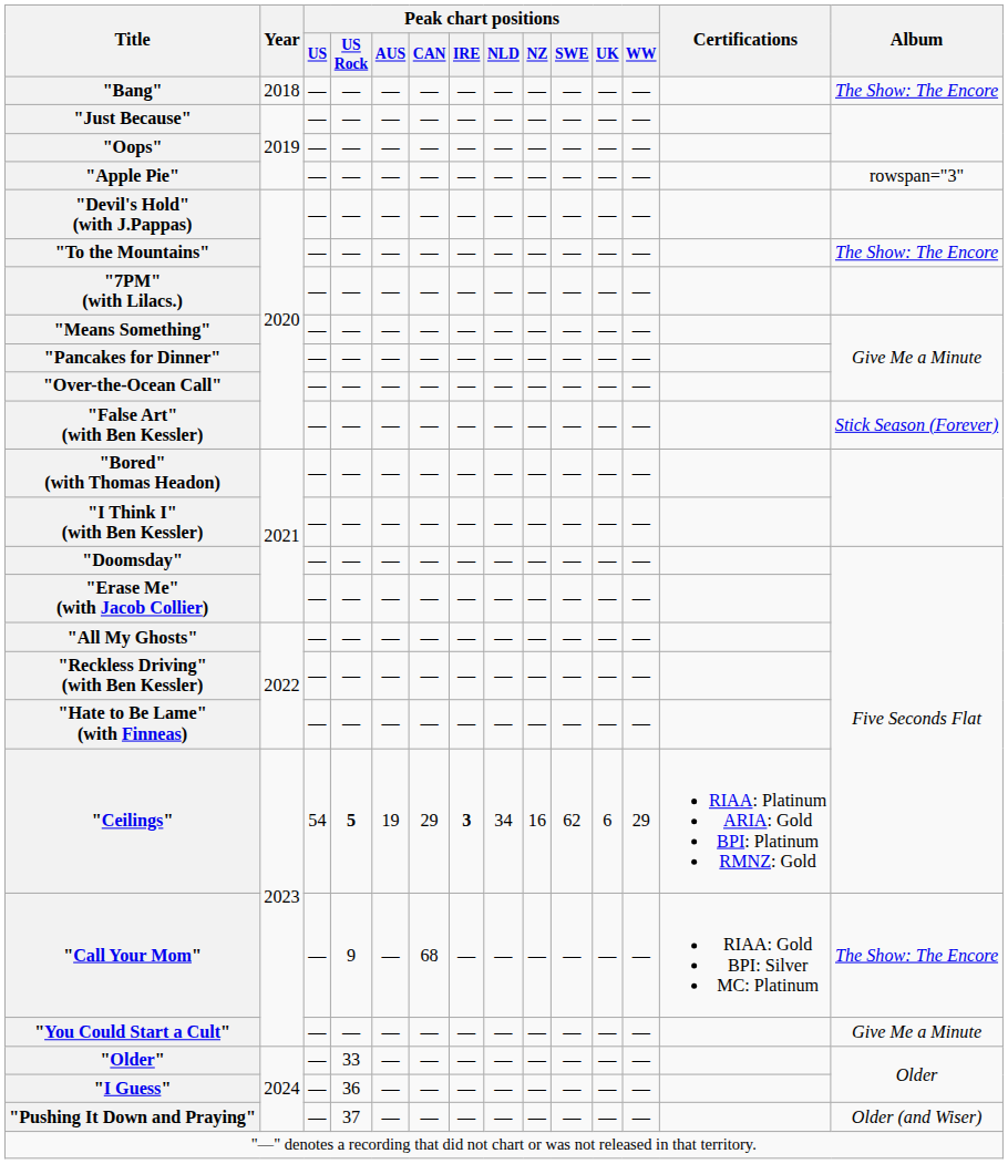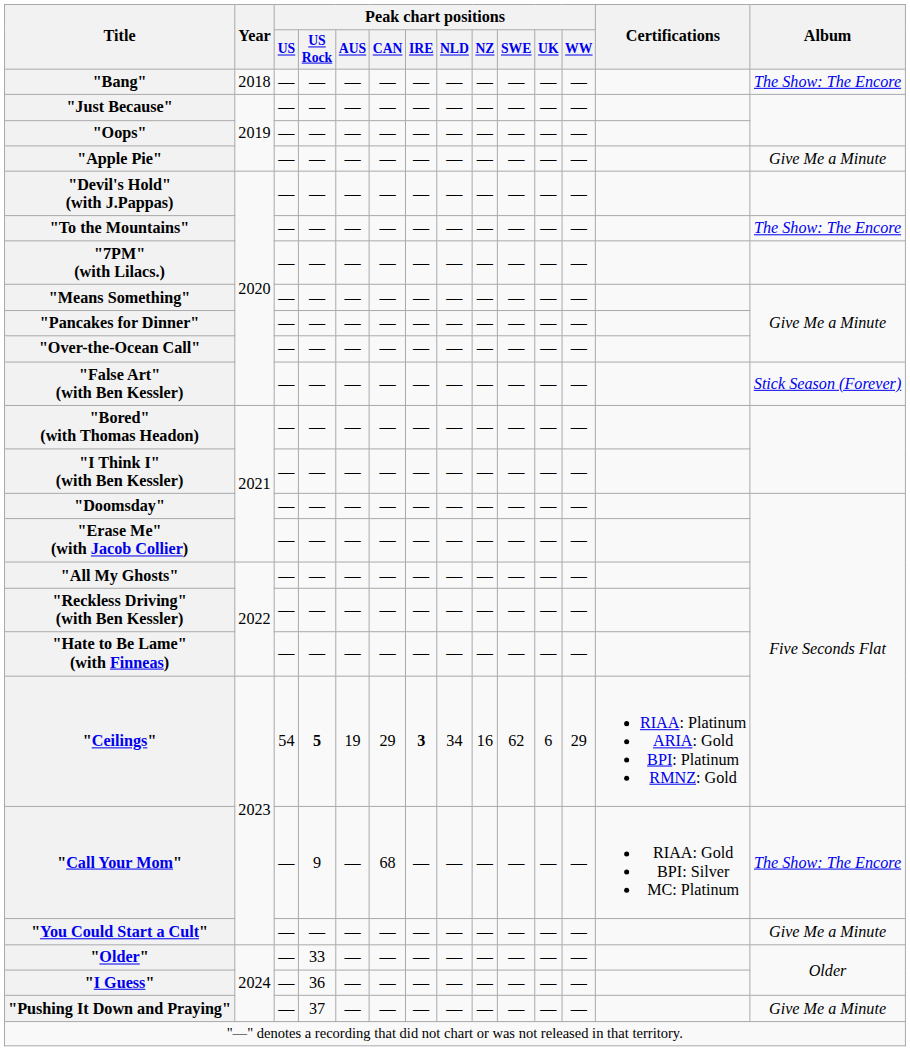 <table class="wikitable plainrowheaders" style="text-align:center;" border="1">
 <tr>
 <th scope="col" rowspan="2">Title</th>
 <th scope="col" rowspan="2">Year</th>
 <th scope="col" colspan="10">Peak chart positions</th>
 <th scope="col" rowspan="2">Certifications</th>
 <th scope="col" rowspan="2">Album</th>
 </tr>
 <tr>
 <th scope="col" style="font-size:85%;"><a href='#'>US</a><br></th>
 <th scope="col" style="font-size:85%;"><a href='#'>US<br>Rock</a><br></th>
 <th scope="col" style="font-size:85%;"><a href='#'>AUS</a><br></th>
 <th scope="col" style="font-size:85%;"><a href='#'>CAN</a><br></th>
 <th scope="col" style="font-size:85%;"><a href='#'>IRE</a><br></th>
 <th scope="col" style="font-size:85%;"><a href='#'>NLD</a><br></th>
 <th scope="col" style="font-size:85%;"><a href='#'>NZ</a><br></th>
 <th scope="col" style="font-size:85%;"><a href='#'>SWE</a><br></th>
 <th scope="col" style="font-size:85%;"><a href='#'>UK</a><br></th>
 <th scope="col" style="font-size:85%;"><a href='#'>WW</a><br></th>
 </tr>
 <tr>
 <th scope="row">"Bang"</th>
 <td>2018</td>
 <td>—</td>
 <td>—</td>
 <td>—</td>
 <td>—</td>
 <td>—</td>
 <td>—</td>
 <td>—</td>
 <td>—</td>
 <td>—</td>
 <td>—</td>
 <td></td>
 <td><em><a href='#'>The Show: The Encore</a></em></td>
 </tr>
 <tr>
 <th scope="row">"Just Because"</th>
 <td rowspan="3">2019</td>
 <td>—</td>
 <td>—</td>
 <td>—</td>
 <td>—</td>
 <td>—</td>
 <td>—</td>
 <td>—</td>
 <td>—</td>
 <td>—</td>
 <td>—</td>
 <td></td>
 </tr>
 <tr>
 <th scope="row">"Oops"</th>
 <td>—</td>
 <td>—</td>
 <td>—</td>
 <td>—</td>
 <td>—</td>
 <td>—</td>
 <td>—</td>
 <td>—</td>
 <td>—</td>
 <td>—</td>
 <td></td>
 </tr>
 <tr>
 <th scope="row">"Apple Pie"</th>
 <td>—</td>
 <td>—</td>
 <td>—</td>
 <td>—</td>
 <td>—</td>
 <td>—</td>
 <td>—</td>
 <td>—</td>
 <td>—</td>
 <td>—</td>
 <td></td>
-<td>rowspan="3" </td>
+<td><em>Give Me a Minute</em></td>
 </tr>
 <tr>
 <th scope="row">"Devil's Hold" <br><span>(with J.Pappas)</span></th>
 <td rowspan="7">2020</td>
 <td>—</td>
 <td>—</td>
 <td>—</td>
 <td>—</td>
 <td>—</td>
 <td>—</td>
 <td>—</td>
 <td>—</td>
 <td>—</td>
 <td>—</td>
 <td></td>
 <td></td>
 </tr>
 <tr>
 <th scope="row">"To the Mountains"</th>
 <td>—</td>
 <td>—</td>
 <td>—</td>
 <td>—</td>
 <td>—</td>
 <td>—</td>
 <td>—</td>
 <td>—</td>
 <td>—</td>
 <td>—</td>
 <td></td>
 <td><em><a href='#'>The Show: The Encore</a></em></td>
 </tr>
 <tr>
 <th scope="row">"7PM" <br><span>(with Lilacs.)</span></th>
 <td>—</td>
 <td>—</td>
 <td>—</td>
 <td>—</td>
 <td>—</td>
 <td>—</td>
 <td>—</td>
 <td>—</td>
 <td>—</td>
 <td>—</td>
 <td></td>
 <td></td>
 </tr>
 <tr>
 <th scope="row">"Means Something"</th>
 <td>—</td>
 <td>—</td>
 <td>—</td>
 <td>—</td>
 <td>—</td>
 <td>—</td>
 <td>—</td>
 <td>—</td>
 <td>—</td>
 <td>—</td>
 <td></td>
 <td rowspan="3"><em>Give Me a Minute</em></td>
 </tr>
 <tr>
 <th scope="row">"Pancakes for Dinner"</th>
 <td>—</td>
 <td>—</td>
 <td>—</td>
 <td>—</td>
 <td>—</td>
 <td>—</td>
 <td>—</td>
 <td>—</td>
 <td>—</td>
 <td>—</td>
 <td></td>
 </tr>
 <tr>
 <th scope="row">"Over-the-Ocean Call"</th>
 <td>—</td>
 <td>—</td>
 <td>—</td>
 <td>—</td>
 <td>—</td>
 <td>—</td>
 <td>—</td>
 <td>—</td>
 <td>—</td>
 <td>—</td>
 <td></td>
 </tr>
 <tr>
 <th scope="row">"False Art" <br><span>(with Ben Kessler)</span></th>
 <td>—</td>
 <td>—</td>
 <td>—</td>
 <td>—</td>
 <td>—</td>
 <td>—</td>
 <td>—</td>
 <td>—</td>
 <td>—</td>
 <td>—</td>
 <td></td>
 <td><em><a href='#'>Stick Season (Forever)</a></em></td>
 </tr>
 <tr>
 <th scope="row">"Bored" <br><span>(with Thomas Headon)</span></th>
 <td rowspan="4">2021</td>
 <td>—</td>
 <td>—</td>
 <td>—</td>
 <td>—</td>
 <td>—</td>
 <td>—</td>
 <td>—</td>
 <td>—</td>
 <td>—</td>
 <td>—</td>
 <td></td>
 </tr>
 <tr>
 <th scope="row">"I Think I"<br><span>(with Ben Kessler)</span></th>
 <td>—</td>
 <td>—</td>
 <td>—</td>
 <td>—</td>
 <td>—</td>
 <td>—</td>
 <td>—</td>
 <td>—</td>
 <td>—</td>
 <td>—</td>
 <td></td>
 </tr>
 <tr>
 <th scope="row">"Doomsday"</th>
 <td>—</td>
 <td>—</td>
 <td>—</td>
 <td>—</td>
 <td>—</td>
 <td>—</td>
 <td>—</td>
 <td>—</td>
 <td>—</td>
 <td>—</td>
 <td></td>
 <td rowspan="6"><em>Five Seconds Flat</em></td>
 </tr>
 <tr>
 <th scope="row">"Erase Me" <br><span>(with <a href='#'>Jacob Collier</a>)</span></th>
 <td>—</td>
 <td>—</td>
 <td>—</td>
 <td>—</td>
 <td>—</td>
 <td>—</td>
 <td>—</td>
 <td>—</td>
 <td>—</td>
 <td>—</td>
 <td></td>
 </tr>
 <tr>
 <th scope="row">"All My Ghosts"</th>
 <td rowspan="3">2022</td>
 <td>—</td>
 <td>—</td>
 <td>—</td>
 <td>—</td>
 <td>—</td>
 <td>—</td>
 <td>—</td>
 <td>—</td>
 <td>—</td>
 <td>—</td>
 <td></td>
 </tr>
 <tr>
 <th scope="row">"Reckless Driving"<br><span>(with Ben Kessler)</span></th>
 <td>—</td>
 <td>—</td>
 <td>—</td>
 <td>—</td>
 <td>—</td>
 <td>—</td>
 <td>—</td>
 <td>—</td>
 <td>—</td>
 <td>—</td>
 <td></td>
 </tr>
 <tr>
 <th scope="row">"Hate to Be Lame"<br><span>(with <a href='#'>Finneas</a>)</span></th>
 <td>—</td>
 <td>—</td>
 <td>—</td>
 <td>—</td>
 <td>—</td>
 <td>—</td>
 <td>—</td>
 <td>—</td>
 <td>—</td>
 <td>—</td>
 <td></td>
 </tr>
 <tr>
 <th scope="row">"<a href='#'>Ceilings</a>"</th>
 <td rowspan="3">2023</td>
 <td>54</td>
 <td><strong>5</strong></td>
 <td>19</td>
 <td>29</td>
 <td><strong>3</strong></td>
 <td>34</td>
 <td>16</td>
 <td>62</td>
 <td>6</td>
 <td>29</td>
 <td><br><ul><li><a href='#'>RIAA</a>: Platinum</li><li><a href='#'>ARIA</a>: Gold</li><li><a href='#'>BPI</a>: Platinum</li><li><a href='#'>RMNZ</a>: Gold</li></ul></td>
 </tr>
 <tr>
 <th scope="row">"<a href='#'>Call Your Mom</a>"<br></th>
 <td>—</td>
 <td>9</td>
 <td>—</td>
 <td>68</td>
 <td>—</td>
 <td>—</td>
 <td>—</td>
 <td>—</td>
 <td>—</td>
 <td>—</td>
 <td><br><ul><li>RIAA: Gold</li><li>BPI: Silver</li><li>MC: Platinum</li></ul></td>
 <td><em><a href='#'>The Show: The Encore</a></em></td>
 </tr>
 <tr>
 <th scope="row">"<a href='#'>You Could Start a Cult</a>"<br></th>
 <td>—</td>
 <td>—</td>
 <td>—</td>
 <td>—</td>
 <td>—</td>
 <td>—</td>
 <td>—</td>
 <td>—</td>
 <td>—</td>
 <td>—</td>
 <td></td>
 <td><em>Give Me a Minute</em></td>
 </tr>
 <tr>
 <th scope="row">"<a href='#'>Older</a>"</th>
 <td rowspan="3">2024</td>
 <td>—</td>
 <td>33</td>
 <td>—</td>
 <td>—</td>
 <td>—</td>
 <td>—</td>
 <td>—</td>
 <td>—</td>
 <td>—</td>
 <td>—</td>
 <td></td>
 <td rowspan="2"><em>Older</em></td>
 </tr>
 <tr>
 <th scope="row">"<a href='#'>I Guess</a>"</th>
 <td>—</td>
 <td>36</td>
 <td>—</td>
 <td>—</td>
 <td>—</td>
 <td>—</td>
 <td>—</td>
 <td>—</td>
 <td>—</td>
 <td>—</td>
 <td></td>
 </tr>
 <tr>
 <th scope="row">"Pushing It Down and Praying"</th>
 <td>—</td>
 <td>37</td>
 <td>—</td>
 <td>—</td>
 <td>—</td>
 <td>—</td>
 <td>—</td>
 <td>—</td>
 <td>—</td>
 <td>—</td>
 <td></td>
-<td><em>Older (and Wiser)</em></td>
+<td><em>Give Me a Minute</em></td>
 </tr>
 <tr>
 <td colspan="14" style="font-size:90%">"—" denotes a recording that did not chart or was not released in that territory.</td>
 </tr>
 </table>
